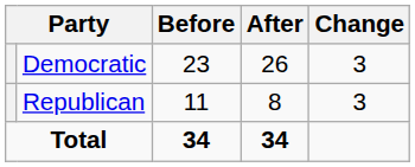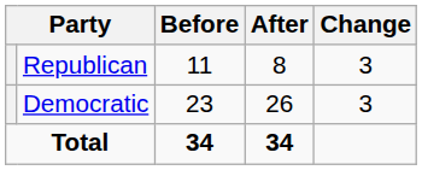 <table class="wikitable" style="text-align:center;">
 <tr>
 <th colspan="2">Party</th>
 <th>Before</th>
 <th>After</th>
 <th>Change</th>
 </tr>
 <tr>
 <th style="background-color:"></th>
-<td style="text-align:left;"><a href='#'>Democratic</a></td>
-<td>23</td>
-<td>26</td>
+<td style="text-align:left;"><a href='#'>Republican</a></td>
+<td>11</td>
+<td>8</td>
 <td> 3</td>
 </tr>
 <tr>
 <th style="background-color:"></th>
-<td style="text-align:left;"><a href='#'>Republican</a></td>
-<td>11</td>
-<td>8</td>
+<td style="text-align:left;"><a href='#'>Democratic</a></td>
+<td>23</td>
+<td>26</td>
 <td> 3</td>
 </tr>
 <tr>
 <td colspan="2"><strong>Total</strong></td>
 <td><strong>34</strong></td>
 <td><strong>34</strong></td>
 <td></td>
 </tr>
 </table>
